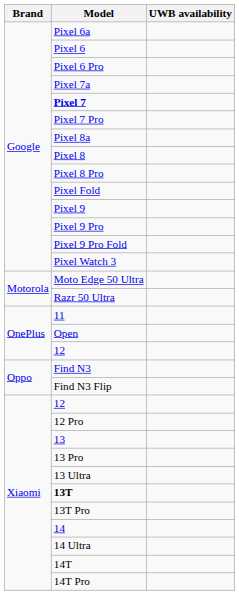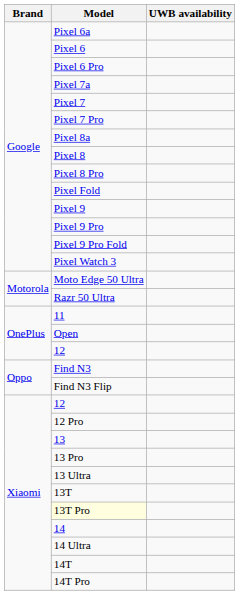 <table class="wikitable">
 <tr>
 <th>Brand</th>
 <th>Model</th>
 <th>UWB availability</th>
 </tr>
 <tr>
 <td rowspan="14"><a href='#'>Google</a></td>
 <td><a href='#'>Pixel 6a</a></td>
 <td></td>
 </tr>
 <tr>
 <td><a href='#'>Pixel 6</a></td>
 <td></td>
 </tr>
 <tr>
 <td><a href='#'>Pixel 6 Pro</a></td>
 <td></td>
 </tr>
 <tr>
 <td><a href='#'>Pixel 7a</a></td>
 <td></td>
 </tr>
 <tr>
-<td><strong><a href='#'>Pixel 7</a></strong></td>
+<td><a href='#'>Pixel 7</a></td>
 <td></td>
 </tr>
 <tr>
 <td><a href='#'>Pixel 7 Pro</a></td>
 <td></td>
 </tr>
 <tr>
 <td><a href='#'>Pixel 8a</a></td>
 <td></td>
 </tr>
 <tr>
 <td><a href='#'>Pixel 8</a></td>
 <td></td>
 </tr>
 <tr>
 <td><a href='#'>Pixel 8 Pro</a></td>
 <td></td>
 </tr>
 <tr>
 <td><a href='#'>Pixel Fold</a></td>
 <td></td>
 </tr>
 <tr>
 <td><a href='#'>Pixel 9</a></td>
 <td></td>
 </tr>
 <tr>
 <td><a href='#'>Pixel 9 Pro</a></td>
 <td></td>
 </tr>
 <tr>
 <td><a href='#'>Pixel 9 Pro Fold</a></td>
 <td></td>
 </tr>
 <tr>
 <td><a href='#'>Pixel Watch 3</a></td>
 <td></td>
 </tr>
 <tr>
 <td rowspan="2"><a href='#'>Motorola</a></td>
 <td><a href='#'>Moto Edge 50 Ultra</a></td>
 <td></td>
 </tr>
 <tr>
 <td><a href='#'>Razr 50 Ultra</a></td>
 <td></td>
 </tr>
 <tr>
 <td rowspan="3"><a href='#'>OnePlus</a></td>
 <td><a href='#'>11</a></td>
 <td></td>
 </tr>
 <tr>
 <td><a href='#'>Open</a></td>
 <td></td>
 </tr>
 <tr>
 <td><a href='#'>12</a></td>
 <td></td>
 </tr>
 <tr>
 <td rowspan="2"><a href='#'>Oppo</a></td>
 <td><a href='#'>Find N3</a></td>
 <td></td>
 </tr>
 <tr>
 <td>Find N3 Flip</td>
 <td></td>
 </tr>
 <tr>
 <td rowspan="11"><a href='#'>Xiaomi</a></td>
 <td><a href='#'>12</a></td>
 <td></td>
 </tr>
 <tr>
 <td>12 Pro</td>
 <td></td>
 </tr>
 <tr>
 <td><a href='#'>13</a></td>
 <td></td>
 </tr>
 <tr>
 <td>13 Pro</td>
 <td></td>
 </tr>
 <tr>
 <td>13 Ultra</td>
 <td></td>
 </tr>
 <tr>
-<td><strong>13T</strong></td>
+<td>13T</td>
 <td></td>
 </tr>
 <tr>
-<td>13T Pro</td>
+<td style="background: lightyellow;">13T Pro</td>
 <td></td>
 </tr>
 <tr>
 <td><a href='#'>14</a></td>
 <td></td>
 </tr>
 <tr>
 <td>14 Ultra</td>
 <td></td>
 </tr>
 <tr>
 <td>14T</td>
 <td></td>
 </tr>
 <tr>
 <td>14T Pro</td>
 <td></td>
 </tr>
 </table>
